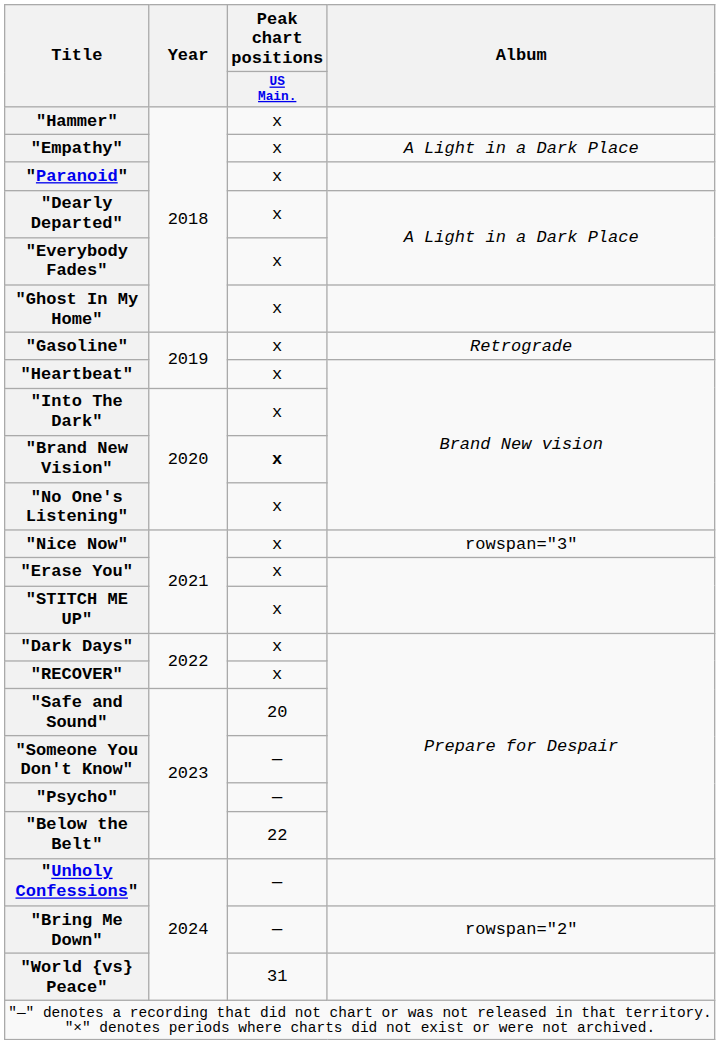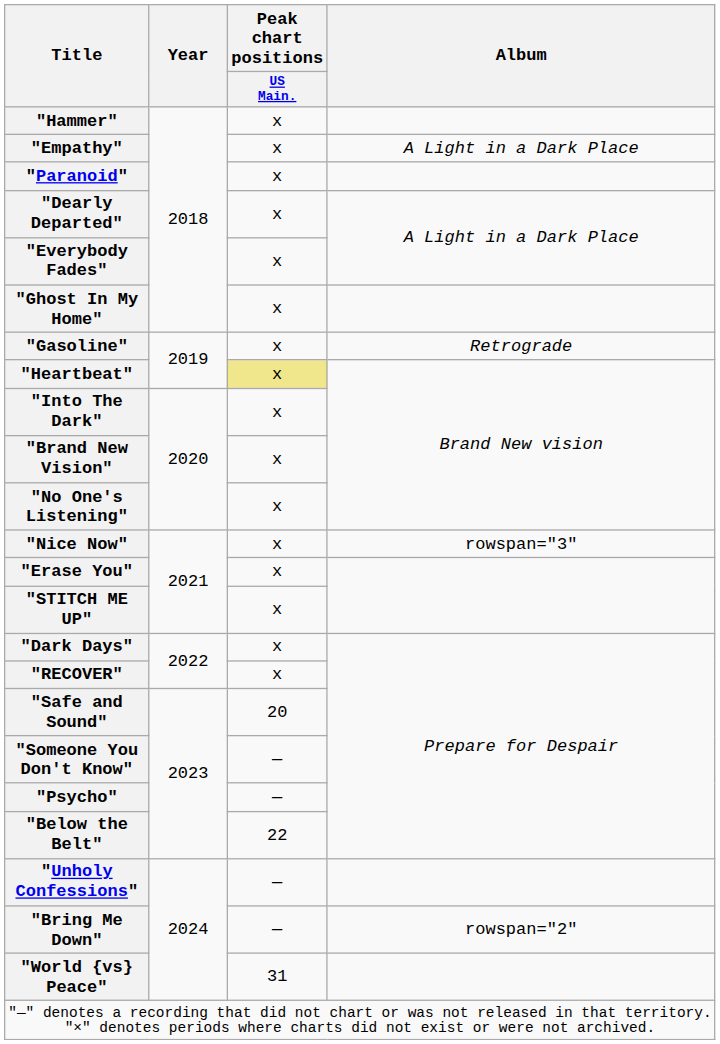 <table class="wikitable plainrowheaders" style="text-align:center;">
 <tr>
 <th scope="col" rowspan="2" style="width:8em;">Title</th>
 <th scope="col" rowspan="2">Year</th>
 <th scope="col" colspan="1">Peak chart positions</th>
 <th scope="col" rowspan="2">Album</th>
 </tr>
 <tr>
 <th style="width:4em;font-size:75%"><a href='#'>US<br>Main.</a><br></th>
 </tr>
 <tr>
 <th scope="row">"Hammer"</th>
 <td rowspan="6">2018</td>
 <td>x</td>
 <td></td>
 </tr>
 <tr>
 <th scope="row">"Empathy"</th>
 <td>x</td>
 <td><em>A Light in a Dark Place</em></td>
 </tr>
 <tr>
 <th scope="row">"<a href='#'>Paranoid</a>"<br></th>
 <td>x</td>
 <td></td>
 </tr>
 <tr>
 <th scope="row">"Dearly Departed"</th>
 <td>x</td>
 <td rowspan='2'><em>A Light in a Dark Place</em></td>
 </tr>
 <tr>
 <th scope="row">"Everybody Fades"</th>
 <td>x</td>
 </tr>
 <tr>
 <th scope="row">"Ghost In My Home"</th>
 <td>x</td>
 <td></td>
 </tr>
 <tr>
 <th scope="row">"Gasoline"</th>
 <td rowspan="2">2019</td>
 <td>x</td>
 <td><em>Retrograde</em></td>
 </tr>
 <tr>
 <th scope="row">"Heartbeat"</th>
-<td>x</td>
+<td style="background: khaki;">x</td>
 <td rowspan="4"><em>Brand New vision</em></td>
 </tr>
 <tr>
 <th scope="row">"Into The Dark"</th>
 <td rowspan="3">2020</td>
 <td>x</td>
 </tr>
 <tr>
 <th scope="row">"Brand New Vision"</th>
-<td><strong>x</strong></td>
+<td>x</td>
 </tr>
 <tr>
 <th scope="row">"No One's Listening"</th>
 <td>x</td>
 </tr>
 <tr>
 <th scope="row">"Nice Now"</th>
 <td rowspan="3">2021</td>
 <td>x</td>
 <td>rowspan="3" </td>
 </tr>
 <tr>
 <th scope="row">"Erase You"</th>
 <td>x</td>
 </tr>
 <tr>
 <th scope="row">"STITCH ME UP"</th>
 <td>x</td>
 </tr>
 <tr>
 <th scope="row">"Dark Days" </th>
 <td rowspan="2">2022</td>
 <td>x</td>
 <td rowspan="6"><em>Prepare for Despair</em></td>
 </tr>
 <tr>
 <th scope="row">"RECOVER"</th>
 <td>x</td>
 </tr>
 <tr>
 <th scope="row">"Safe and Sound" </th>
 <td rowspan="4">2023</td>
 <td>20</td>
 </tr>
 <tr>
 <th scope="row">"Someone You Don't Know"</th>
 <td>—</td>
 </tr>
 <tr>
 <th scope="row">"Psycho"</th>
 <td>—</td>
 </tr>
 <tr>
 <th scope="row">"Below the Belt" </th>
 <td>22</td>
 </tr>
 <tr>
 <th scope="row">"<a href='#'>Unholy Confessions</a>" </th>
 <td rowspan="3">2024</td>
 <td>—</td>
 <td></td>
 </tr>
 <tr>
 <th scope="row">"Bring Me Down"</th>
 <td>—</td>
 <td>rowspan="2" </td>
 </tr>
 <tr>
 <th scope="row">"World {vs} Peace"</th>
 <td>31</td>
 </tr>
 <tr>
 <td colspan="14" style="font-size:85%">"—" denotes a recording that did not chart or was not released in that territory.<br>"×" denotes periods where charts did not exist or were not archived.</td>
 </tr>
 </table>
